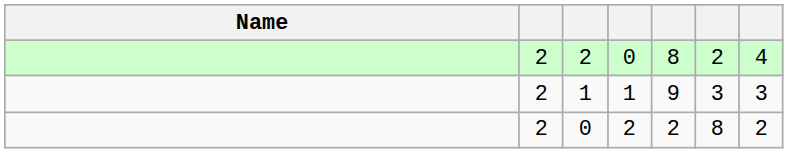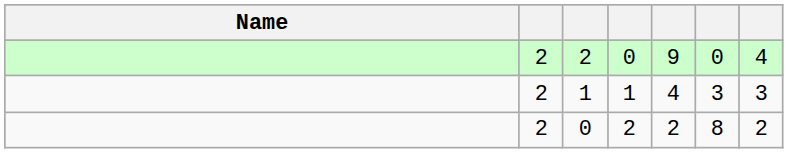 <table class=wikitable style="text-align:center">
 <tr>
 <th width=300>Name</th>
 <th width=20></th>
 <th width=20></th>
 <th width=20></th>
 <th width=20></th>
 <th width=20></th>
 <th width=20></th>
 </tr>
 <tr style="background-color:#ccffcc;">
 <td style="text-align:left;"></td>
 <td>2</td>
 <td>2</td>
 <td>0</td>
-<td>8</td>
-<td>2</td>
+<td>9</td>
+<td>0</td>
 <td>4</td>
 </tr>
 <tr>
 <td style="text-align:left;"></td>
 <td>2</td>
 <td>1</td>
 <td>1</td>
-<td>9</td>
+<td>4</td>
 <td>3</td>
 <td>3</td>
 </tr>
 <tr>
 <td style="text-align:left;"></td>
 <td>2</td>
 <td>0</td>
 <td>2</td>
 <td>2</td>
 <td>8</td>
 <td>2</td>
 </tr>
 </table>
